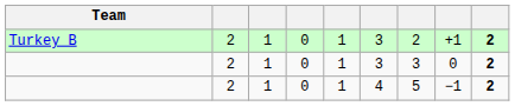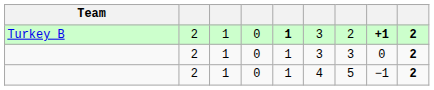 <table class="wikitable" style="text-align: center; font-size: 90%;">
 <tr>
 <th width=165>Team</th>
 <th width=25></th>
 <th width=25></th>
 <th width=25></th>
 <th width=25></th>
 <th width=25></th>
 <th width=25></th>
 <th width=25></th>
 <th width=25></th>
 </tr>
 <tr style="background:#cfc;">
 <td align="left"> <a href='#'>Turkey B</a></td>
 <td>2</td>
 <td>1</td>
 <td>0</td>
-<td>1</td>
+<td><strong>1</strong></td>
 <td>3</td>
 <td>2</td>
-<td>+1</td>
+<td><strong>+1</strong></td>
 <td><strong>2</strong></td>
 </tr>
 <tr>
 <td align="left"></td>
 <td>2</td>
 <td>1</td>
 <td>0</td>
 <td>1</td>
 <td>3</td>
 <td>3</td>
 <td>0</td>
 <td><strong>2</strong></td>
 </tr>
 <tr>
 <td align="left"></td>
 <td>2</td>
 <td>1</td>
 <td>0</td>
 <td>1</td>
 <td>4</td>
 <td>5</td>
 <td>−1</td>
 <td><strong>2</strong></td>
 </tr>
 </table>
